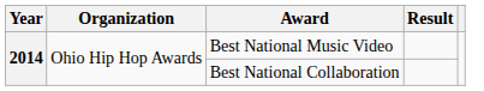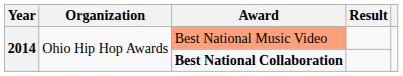 <table class="wikitable plainrowheaders">
 <tr>
 <th scope="col">Year</th>
 <th scope="col">Organization</th>
 <th scope="col">Award</th>
 <th scope="col">Result</th>
 <th></th>
 </tr>
 <tr>
 <th rowspan="2">2014</th>
 <td rowspan="2">Ohio Hip Hop Awards</td>
-<td>Best National Music Video</td>
+<td style="background: lightsalmon;">Best National Music Video</td>
 <td></td>
 <td rowspan="2"></td>
 </tr>
 <tr>
-<td>Best National Collaboration</td>
+<td><strong>Best National Collaboration</strong></td>
 <td></td>
 </tr>
 </table>
